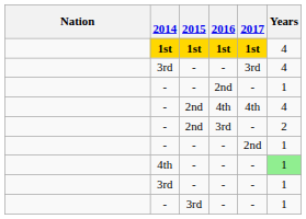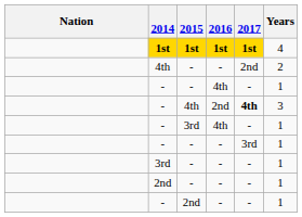 <table class="wikitable" style="text-align:center; font-size:90%">
 <tr>
 <th width=170>Nation</th>
 <th><br><a href='#'>2014</a></th>
 <th><br><a href='#'>2015</a></th>
 <th><br><a href='#'>2016</a></th>
 <th><br><a href='#'>2017</a></th>
 <th>Years</th>
 </tr>
 <tr>
 <td align=left></td>
 <td bgcolor=gold><strong>1st</strong></td>
 <td bgcolor=gold><strong>1st</strong></td>
 <td bgcolor=gold><strong>1st</strong></td>
 <td bgcolor=gold><strong>1st</strong></td>
 <td>4</td>
 </tr>
 <tr>
 <td align=left></td>
-<td>3rd</td>
+<td>4th</td>
 <td>-</td>
 <td>-</td>
-<td>3rd</td>
-<td>4</td>
+<td>2nd</td>
+<td>2</td>
 </tr>
 <tr>
 <td align=left></td>
 <td>-</td>
 <td>-</td>
-<td>2nd</td>
+<td>4th</td>
 <td>-</td>
 <td>1</td>
 </tr>
 <tr>
 <td align=left></td>
 <td>-</td>
+<td>4th</td>
 <td>2nd</td>
-<td>4th</td>
-<td>4th</td>
-<td>4</td>
+<td><strong>4th</strong></td>
+<td>3</td>
 </tr>
 <tr>
 <td align=left></td>
 <td>-</td>
-<td>2nd</td>
 <td>3rd</td>
+<td>4th</td>
 <td>-</td>
-<td>2</td>
+<td>1</td>
 </tr>
 <tr>
 <td align=left></td>
 <td>-</td>
 <td>-</td>
 <td>-</td>
-<td>2nd</td>
+<td>3rd</td>
 <td>1</td>
-</tr>
-<tr>
-<td align=left></td>
-<td>4th</td>
-<td>-</td>
-<td>-</td>
-<td>-</td>
-<td style="background: lightgreen;">1</td>
 </tr>
 <tr>
 <td align=left></td>
 <td>3rd</td>
 <td>-</td>
 <td>-</td>
 <td>-</td>
 <td>1</td>
 </tr>
 <tr>
 <td align=left></td>
+<td>2nd</td>
 <td>-</td>
-<td>3rd</td>
+<td>-</td>
+<td>-</td>
+<td>1</td>
+</tr>
+<tr>
+<td align=left></td>
+<td>-</td>
+<td>2nd</td>
 <td>-</td>
 <td>-</td>
 <td>1</td>
 </tr>
 </table>
